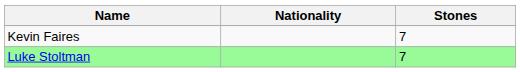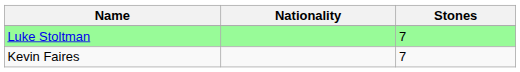 <table class="wikitable" style="display: inline-table; width: 50%;">
 <tr>
 <th>Name</th>
 <th>Nationality</th>
 <th>Stones</th>
 </tr>
 <tr>
 </tr>
+<tr style="background:palegreen">
+<td><a href='#'>Luke Stoltman</a></td>
+<td></td>
+<td>7</td>
+</tr>
 <tr>
 <td>Kevin Faires</td>
 <td></td>
 <td>7</td>
 </tr>
-<tr style="background:palegreen">
-<td><a href='#'>Luke Stoltman</a></td>
-<td></td>
-<td>7</td>
-</tr>
 </table>
